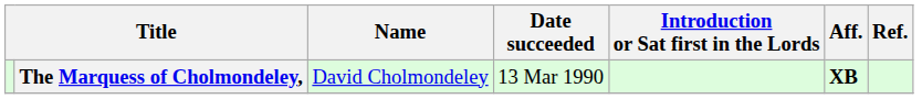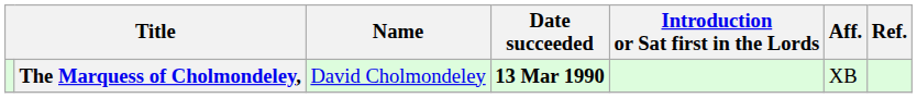 <table class="wikitable plainrowheaders sortable">
 <tr>
 <th scope="col" colspan=2>Title</th>
 <th scope="col">Name</th>
 <th scope="col" data-sort-type="date">Date<br>succeeded</th>
 <th scope="col" data-sort-type="date"><a href='#'>Introduction</a><br>or Sat first in the Lords</th>
 <th scope="col"><abbr>Aff.</abbr></th>
 <th scope="col"><abbr>Ref.</abbr></th>
 </tr>
 <tr style="background:#DDFDDD;">
 <td style="background-color:"></td>
 <th scope="row" data-sort-value="Cholmondeley">The <a href='#'>Marquess of Cholmondeley</a>, </th>
 <td><a href='#'>David Cholmondeley</a></td>
-<td align=center>13 Mar 1990</td>
+<td align=center><strong>13 Mar 1990</strong></td>
 <td align=center></td>
-<td><strong><abbr>XB</abbr></strong></td>
+<td><abbr>XB</abbr></td>
 <td align=center></td>
 </tr>
 <tr>
 </tr>
 </table>
